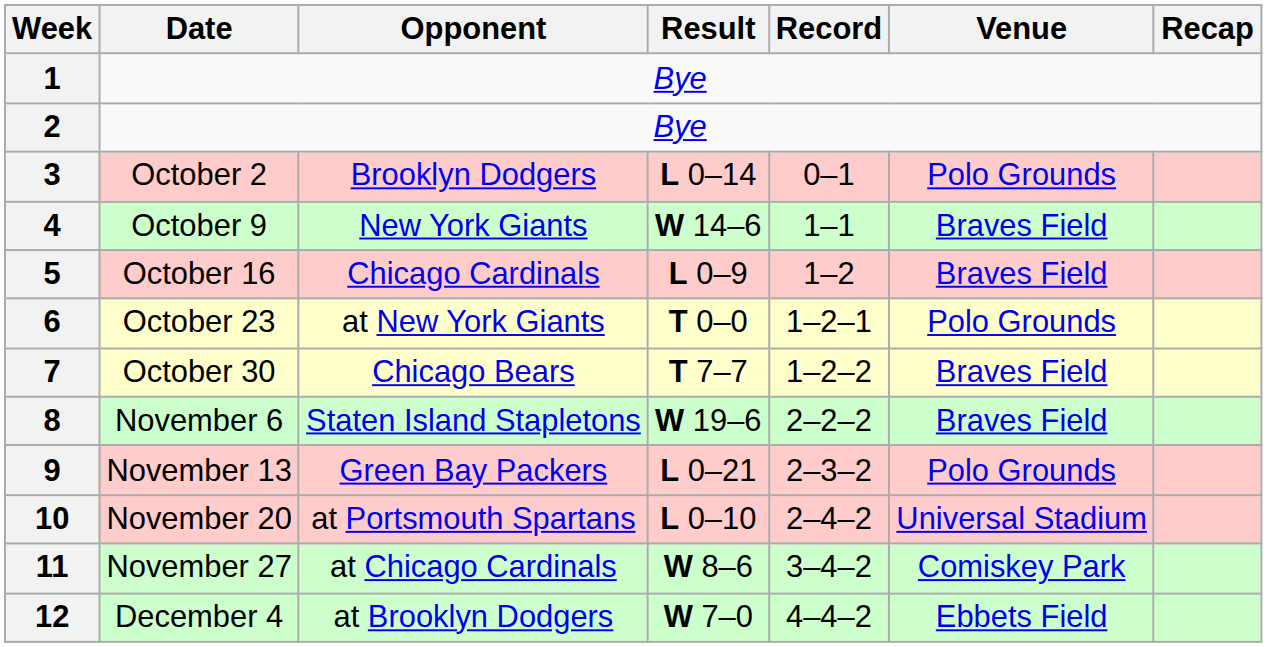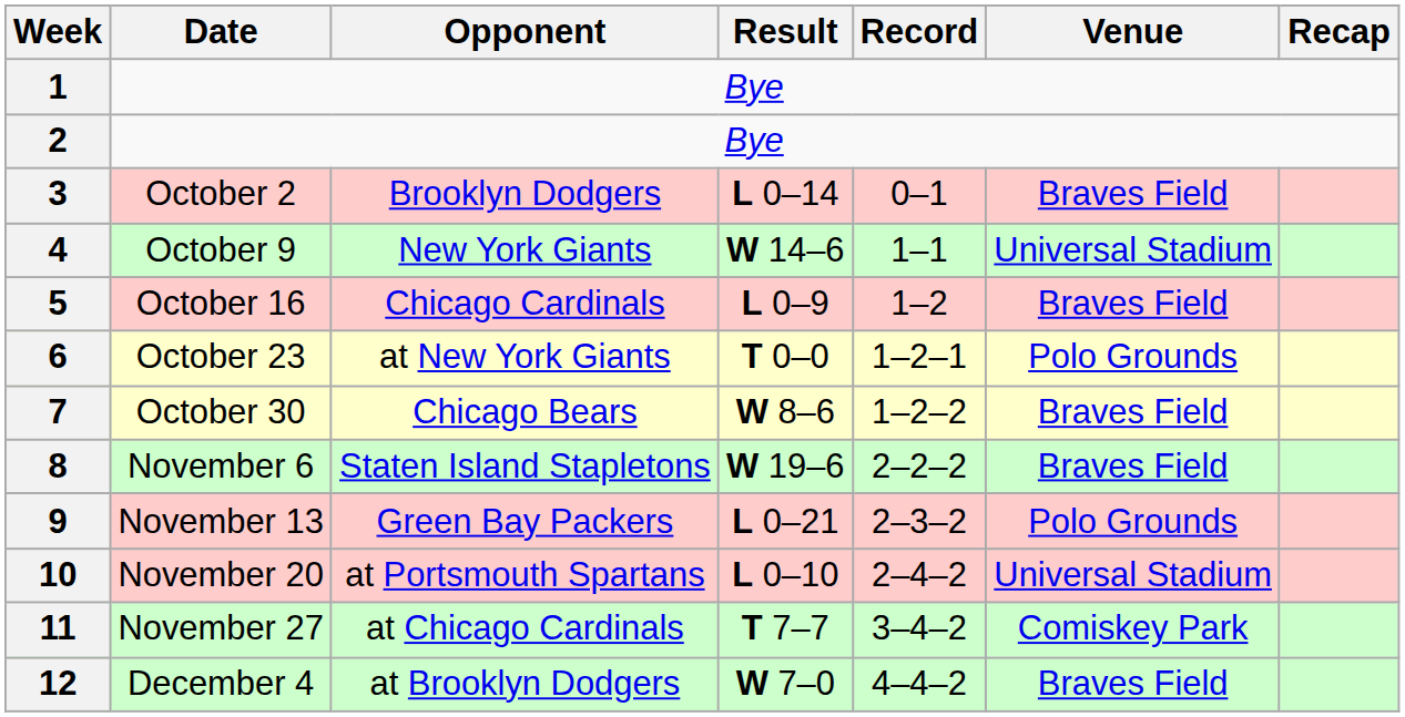 <table class="wikitable" style="text-align:center">
 <tr>
 <th>Week</th>
 <th>Date</th>
 <th>Opponent</th>
 <th>Result</th>
 <th>Record</th>
 <th>Venue</th>
 <th>Recap</th>
 </tr>
 <tr>
 <th>1</th>
 <td colspan="7"><em><a href='#'>Bye</a></em></td>
 </tr>
 <tr>
 <th>2</th>
 <td colspan="7"><em><a href='#'>Bye</a></em></td>
 </tr>
 <tr style="background:#fcc">
 <th>3</th>
 <td>October 2</td>
 <td><a href='#'>Brooklyn Dodgers</a></td>
 <td><strong>L</strong> 0–14</td>
 <td>0–1</td>
-<td><a href='#'>Polo Grounds</a></td>
+<td><a href='#'>Braves Field</a></td>
 <td></td>
 </tr>
 <tr style="background:#cfc">
 <th>4</th>
 <td>October 9</td>
 <td><a href='#'>New York Giants</a></td>
 <td><strong>W</strong> 14–6</td>
 <td>1–1</td>
-<td><a href='#'>Braves Field</a></td>
+<td><a href='#'>Universal Stadium</a></td>
 <td></td>
 </tr>
 <tr style="background:#fcc">
 <th>5</th>
 <td>October 16</td>
 <td><a href='#'>Chicago Cardinals</a></td>
 <td><strong>L</strong> 0–9</td>
 <td>1–2</td>
 <td><a href='#'>Braves Field</a></td>
 <td></td>
 </tr>
 <tr style="background:#ffc">
 <th>6</th>
 <td>October 23</td>
 <td>at <a href='#'>New York Giants</a></td>
 <td><strong>T</strong> 0–0</td>
 <td>1–2–1</td>
 <td><a href='#'>Polo Grounds</a></td>
 <td></td>
 </tr>
 <tr style="background:#ffc">
 <th>7</th>
 <td>October 30</td>
 <td><a href='#'>Chicago Bears</a></td>
-<td><strong>T</strong> 7–7</td>
+<td><strong>W</strong> 8–6</td>
 <td>1–2–2</td>
 <td><a href='#'>Braves Field</a></td>
 <td></td>
 </tr>
 <tr style="background:#cfc">
 <th>8</th>
 <td>November 6</td>
 <td><a href='#'>Staten Island Stapletons</a></td>
 <td><strong>W</strong> 19–6</td>
 <td>2–2–2</td>
 <td><a href='#'>Braves Field</a></td>
 <td></td>
 </tr>
 <tr style="background:#fcc">
 <th>9</th>
 <td>November 13</td>
 <td><a href='#'>Green Bay Packers</a></td>
 <td><strong>L</strong> 0–21</td>
 <td>2–3–2</td>
 <td><a href='#'>Polo Grounds</a></td>
 <td></td>
 </tr>
 <tr style="background:#fcc">
 <th>10</th>
 <td>November 20</td>
 <td>at <a href='#'>Portsmouth Spartans</a></td>
 <td><strong>L</strong> 0–10</td>
 <td>2–4–2</td>
 <td><a href='#'>Universal Stadium</a></td>
 <td></td>
 </tr>
 <tr style="background:#cfc">
 <th>11</th>
 <td>November 27</td>
 <td>at <a href='#'>Chicago Cardinals</a></td>
-<td><strong>W</strong> 8–6</td>
+<td><strong>T</strong> 7–7</td>
 <td>3–4–2</td>
 <td><a href='#'>Comiskey Park</a></td>
 <td></td>
 </tr>
 <tr style="background:#cfc">
 <th>12</th>
 <td>December 4</td>
 <td>at <a href='#'>Brooklyn Dodgers</a></td>
 <td><strong>W</strong> 7–0</td>
 <td>4–4–2</td>
-<td><a href='#'>Ebbets Field</a></td>
+<td><a href='#'>Braves Field</a></td>
 <td></td>
 </tr>
 </table>
